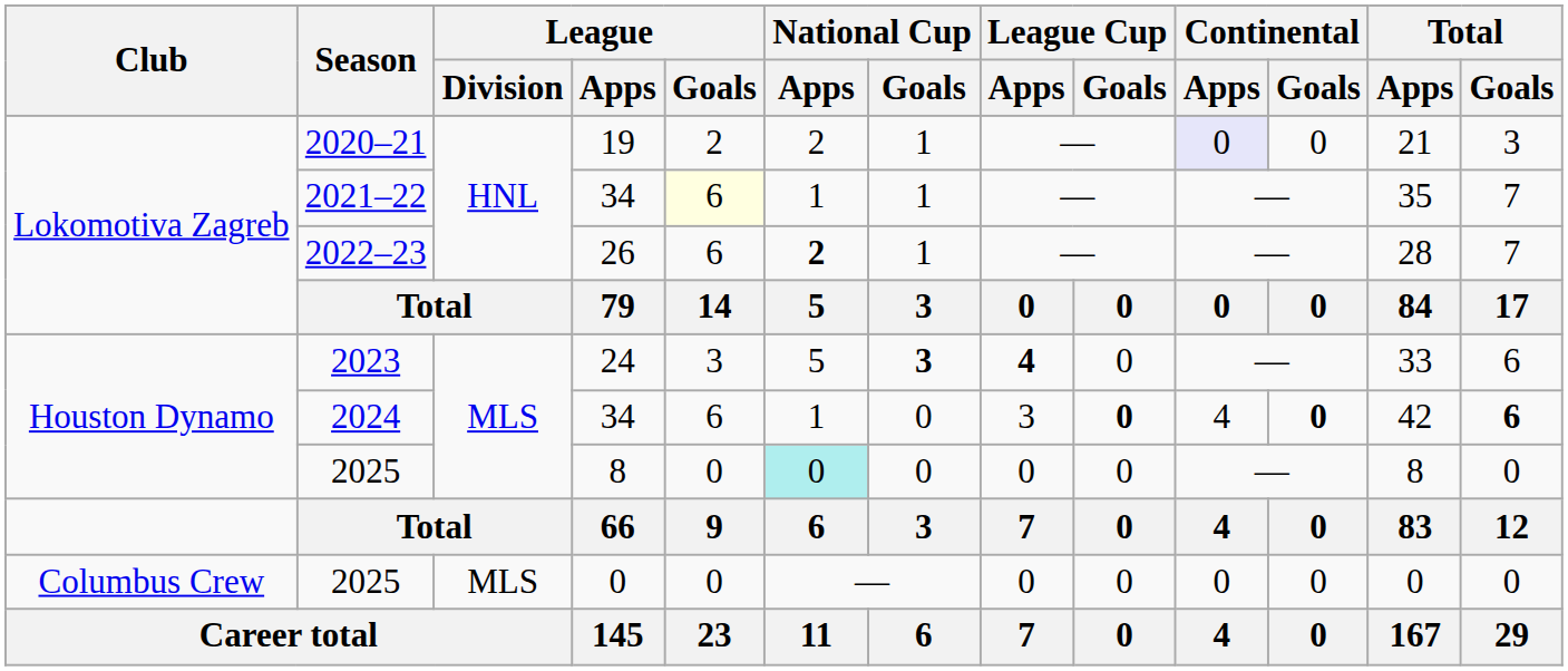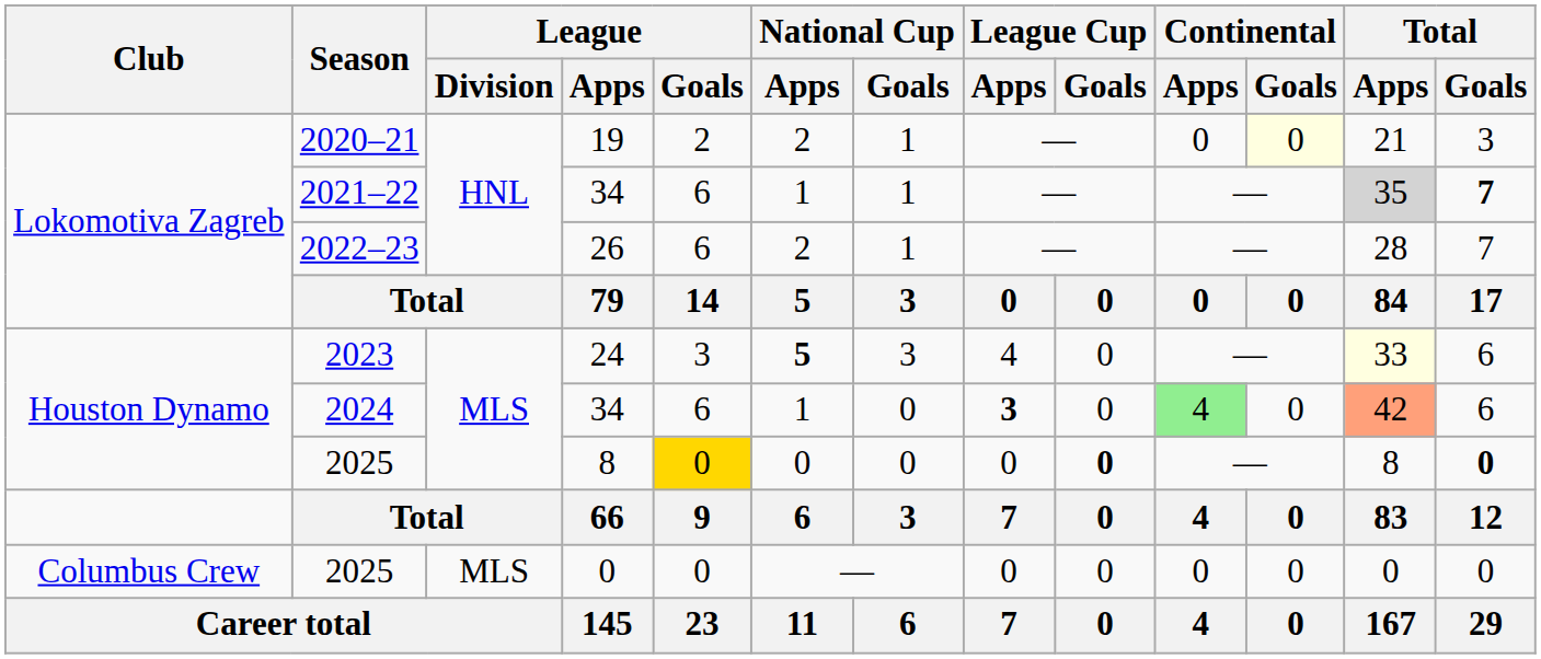 <table class="wikitable" style="text-align: center;">
 <tr>
 <th rowspan="2">Club</th>
 <th rowspan="2">Season</th>
 <th colspan="3">League</th>
 <th colspan="2">National Cup</th>
 <th colspan="2">League Cup</th>
 <th colspan="2">Continental</th>
 <th colspan="2">Total</th>
 </tr>
 <tr>
 <th>Division</th>
 <th>Apps</th>
 <th>Goals</th>
 <th>Apps</th>
 <th>Goals</th>
 <th>Apps</th>
 <th>Goals</th>
 <th>Apps</th>
 <th>Goals</th>
 <th>Apps</th>
 <th>Goals</th>
 </tr>
 <tr>
 <td rowspan="4"><a href='#'>Lokomotiva Zagreb</a></td>
 <td><a href='#'>2020–21</a></td>
 <td rowspan="3"><a href='#'>HNL</a></td>
 <td>19</td>
 <td>2</td>
 <td>2</td>
 <td>1</td>
 <td colspan="2">—</td>
-<td style="background: lavender;">0</td>
 <td>0</td>
+<td style="background: lightyellow;">0</td>
 <td>21</td>
 <td>3</td>
 </tr>
 <tr>
 <td><a href='#'>2021–22</a></td>
 <td>34</td>
-<td style="background: lightyellow;">6</td>
+<td>6</td>
 <td>1</td>
 <td>1</td>
 <td colspan="2">—</td>
 <td colspan="2">—</td>
-<td>35</td>
-<td>7</td>
+<td style="background: lightgrey;">35</td>
+<td><strong>7</strong></td>
 </tr>
 <tr>
 <td><a href='#'>2022–23</a></td>
 <td>26</td>
 <td>6</td>
-<td><strong>2</strong></td>
+<td>2</td>
 <td>1</td>
 <td colspan="2">—</td>
 <td colspan="2">—</td>
 <td>28</td>
 <td>7</td>
 </tr>
 <tr>
 <th colspan="2">Total</th>
 <th>79</th>
 <th>14</th>
 <th>5</th>
 <th>3</th>
 <th>0</th>
 <th>0</th>
 <th>0</th>
 <th>0</th>
 <th>84</th>
 <th>17</th>
 </tr>
 <tr>
 <td rowspan="3"><a href='#'>Houston Dynamo</a></td>
 <td><a href='#'>2023</a></td>
 <td rowspan="3"><a href='#'>MLS</a></td>
 <td>24</td>
 <td>3</td>
-<td>5</td>
-<td><strong>3</strong></td>
-<td><strong>4</strong></td>
+<td><strong>5</strong></td>
+<td>3</td>
+<td>4</td>
 <td>0</td>
 <td colspan="2">—</td>
-<td>33</td>
+<td style="background: lightyellow;">33</td>
 <td>6</td>
 </tr>
 <tr>
 <td><a href='#'>2024</a></td>
 <td>34</td>
 <td>6</td>
 <td>1</td>
 <td>0</td>
-<td>3</td>
-<td><strong>0</strong></td>
-<td>4</td>
-<td><strong>0</strong></td>
-<td>42</td>
-<td><strong>6</strong></td>
+<td><strong>3</strong></td>
+<td>0</td>
+<td style="background: lightgreen;">4</td>
+<td>0</td>
+<td style="background: lightsalmon;">42</td>
+<td>6</td>
 </tr>
 <tr>
 <td>2025</td>
 <td>8</td>
-<td>0</td>
-<td style="background: paleturquoise;">0</td>
+<td style="background: gold;">0</td>
 <td>0</td>
 <td>0</td>
 <td>0</td>
+<td><strong>0</strong></td>
 <td colspan="2">—</td>
 <td>8</td>
-<td>0</td>
+<td><strong>0</strong></td>
 </tr>
 <tr>
 <td></td>
 <th colspan="2">Total</th>
 <th>66</th>
 <th>9</th>
 <th>6</th>
 <th>3</th>
 <th>7</th>
 <th>0</th>
 <th>4</th>
 <th>0</th>
 <th>83</th>
 <th>12</th>
 </tr>
 <tr>
 <td><a href='#'>Columbus Crew</a></td>
 <td>2025</td>
 <td>MLS</td>
 <td>0</td>
 <td>0</td>
 <td colspan="2">—</td>
 <td>0</td>
 <td>0</td>
 <td>0</td>
 <td>0</td>
 <td>0</td>
 <td>0</td>
 </tr>
 <tr>
 <th colspan="3">Career total</th>
 <th>145</th>
 <th>23</th>
 <th>11</th>
 <th>6</th>
 <th>7</th>
 <th>0</th>
 <th>4</th>
 <th>0</th>
 <th>167</th>
 <th>29</th>
 </tr>
 </table>
